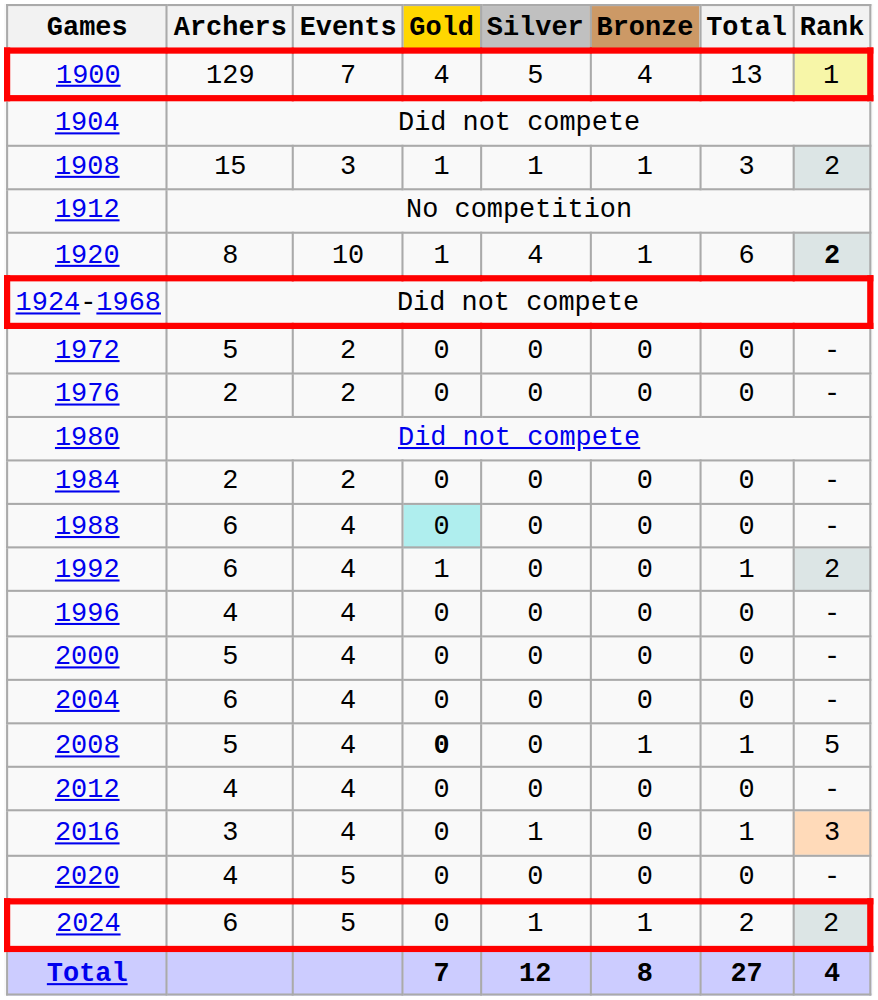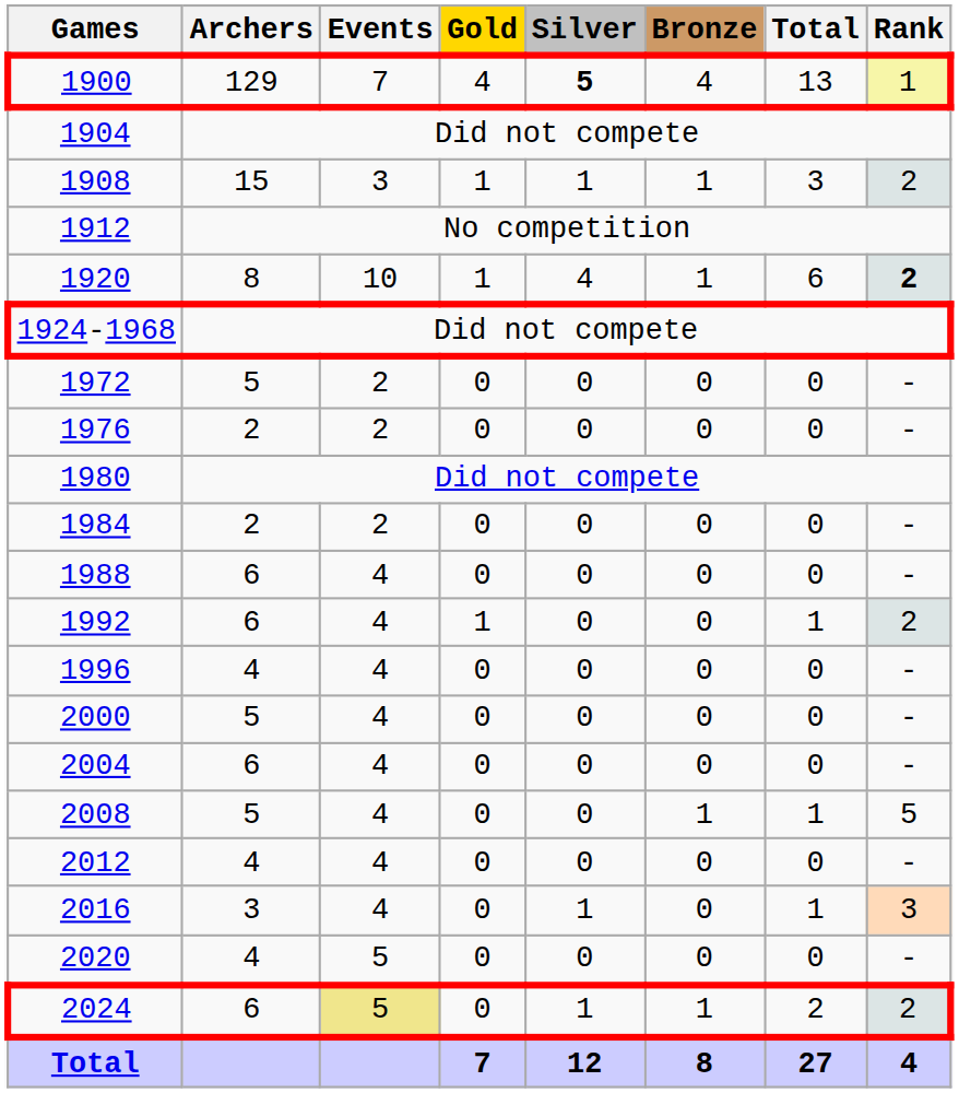 <table class="wikitable sortable" style="text-align:center">
 <tr>
 <th>Games</th>
 <th>Archers</th>
 <th>Events</th>
 <th style="background-color:gold;">Gold</th>
 <th style="background-color:silver;">Silver</th>
 <th style="background-color:#c96;">Bronze</th>
 <th>Total</th>
 <th>Rank</th>
 </tr>
 <tr style="text-align:center; border: 3px solid red">
 <td><a href='#'>1900</a></td>
 <td>129</td>
 <td>7</td>
 <td>4</td>
-<td>5</td>
+<td><strong>5</strong></td>
 <td>4</td>
 <td>13</td>
 <td style="background-color:#F7F6A8">1</td>
 </tr>
 <tr style="text-align:center">
 <td><a href='#'>1904</a></td>
 <td colspan="7">Did not compete</td>
 </tr>
 <tr style="text-align:center">
 <td><a href='#'>1908</a></td>
 <td>15</td>
 <td>3</td>
 <td>1</td>
 <td>1</td>
 <td>1</td>
 <td>3</td>
 <td style="background-color:#dce5e5">2</td>
 </tr>
 <tr style="text-align:center">
 <td><a href='#'>1912</a></td>
 <td colspan="7">No competition</td>
 </tr>
 <tr style="text-align:center">
 <td><a href='#'>1920</a></td>
 <td>8</td>
 <td>10</td>
 <td>1</td>
 <td>4</td>
 <td>1</td>
 <td>6</td>
 <td style="background-color:#dce5e5"><strong>2</strong></td>
 </tr>
 <tr style="text-align:center; border: 3px solid red">
 <td><a href='#'>1924</a>-<a href='#'>1968</a></td>
 <td colspan="7">Did not compete</td>
 </tr>
 <tr style="text-align:center">
 <td><a href='#'>1972</a></td>
 <td>5</td>
 <td>2</td>
 <td>0</td>
 <td>0</td>
 <td>0</td>
 <td>0</td>
 <td>-</td>
 </tr>
 <tr style="text-align:center">
 <td><a href='#'>1976</a></td>
 <td>2</td>
 <td>2</td>
 <td>0</td>
 <td>0</td>
 <td>0</td>
 <td>0</td>
 <td>-</td>
 </tr>
 <tr style="text-align:center">
 <td><a href='#'>1980</a></td>
 <td colspan="7"><a href='#'>Did not compete</a></td>
 </tr>
 <tr style="text-align:center">
 <td><a href='#'>1984</a></td>
 <td>2</td>
 <td>2</td>
 <td>0</td>
 <td>0</td>
 <td>0</td>
 <td>0</td>
 <td>-</td>
 </tr>
 <tr style="text-align:center">
 <td><a href='#'>1988</a></td>
 <td>6</td>
 <td>4</td>
-<td style="background: paleturquoise;">0</td>
+<td>0</td>
 <td>0</td>
 <td>0</td>
 <td>0</td>
 <td>-</td>
 </tr>
 <tr style="text-align:center">
 <td><a href='#'>1992</a></td>
 <td>6</td>
 <td>4</td>
 <td>1</td>
 <td>0</td>
 <td>0</td>
 <td>1</td>
 <td style="background-color:#dce5e5">2</td>
 </tr>
 <tr style="text-align:center">
 <td><a href='#'>1996</a></td>
 <td>4</td>
 <td>4</td>
 <td>0</td>
 <td>0</td>
 <td>0</td>
 <td>0</td>
 <td>-</td>
 </tr>
 <tr style="text-align:center">
 <td><a href='#'>2000</a></td>
 <td>5</td>
 <td>4</td>
 <td>0</td>
 <td>0</td>
 <td>0</td>
 <td>0</td>
 <td>-</td>
 </tr>
 <tr style="text-align:center">
 <td><a href='#'>2004</a></td>
 <td>6</td>
 <td>4</td>
 <td>0</td>
 <td>0</td>
 <td>0</td>
 <td>0</td>
 <td>-</td>
 </tr>
 <tr style="text-align:center">
 <td><a href='#'>2008</a></td>
 <td>5</td>
 <td>4</td>
-<td><strong>0</strong></td>
+<td>0</td>
 <td>0</td>
 <td>1</td>
 <td>1</td>
 <td>5</td>
 </tr>
 <tr style="text-align:center">
 <td><a href='#'>2012</a></td>
 <td>4</td>
 <td>4</td>
 <td>0</td>
 <td>0</td>
 <td>0</td>
 <td>0</td>
 <td>-</td>
 </tr>
 <tr style="text-align:center">
 <td><a href='#'>2016</a></td>
 <td>3</td>
 <td>4</td>
 <td>0</td>
 <td>1</td>
 <td>0</td>
 <td>1</td>
 <td style="background-color:#ffdab9">3</td>
 </tr>
 <tr style="text-align:center">
 <td><a href='#'>2020</a></td>
 <td>4</td>
 <td>5</td>
 <td>0</td>
 <td>0</td>
 <td>0</td>
 <td>0</td>
 <td>-</td>
 </tr>
 <tr style="text-align:center; border: 3px solid red">
 <td><a href='#'>2024</a></td>
 <td>6</td>
-<td>5</td>
+<td style="background: khaki;">5</td>
 <td>0</td>
 <td>1</td>
 <td>1</td>
 <td>2</td>
 <td style="background-color:#dce5e5">2</td>
 </tr>
 <tr style="text-align:center; background-color:#ccf;">
 <td><strong><a href='#'>Total</a></strong></td>
 <td></td>
 <td></td>
 <td><strong>7</strong></td>
 <td><strong>12</strong></td>
 <td><strong>8</strong></td>
 <td><strong>27</strong></td>
 <td><strong>4</strong></td>
 </tr>
 </table>
